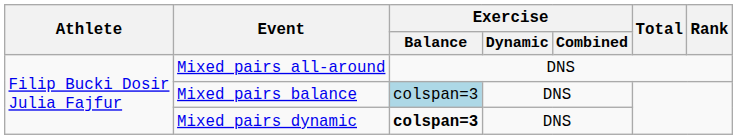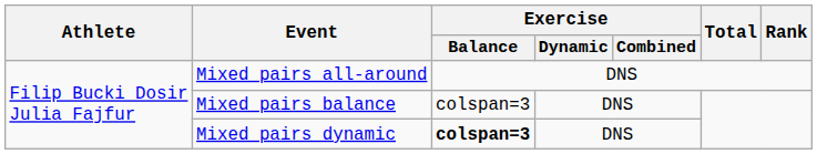 <table class="wikitable" style="font-size:90%">
 <tr>
 <th rowspan=2>Athlete</th>
 <th rowspan=2>Event</th>
 <th colspan=3>Exercise</th>
 <th rowspan=2>Total</th>
 <th rowspan=2>Rank</th>
 </tr>
 <tr style="font-size:95%">
 <th>Balance</th>
 <th>Dynamic</th>
 <th>Combined</th>
 </tr>
 <tr align=center>
 <td rowspan=3 align=left><a href='#'>Filip Bucki Dosir</a><br><a href='#'>Julia Fajfur</a></td>
 <td align=left><a href='#'>Mixed pairs all-around</a></td>
 <td colspan=5>DNS</td>
 </tr>
 <tr align=center>
 <td align=left><a href='#'>Mixed pairs balance</a></td>
-<td style="background: lightblue;">colspan=3 </td>
+<td>colspan=3 </td>
 <td colspan=2>DNS</td>
 </tr>
 <tr align=center>
 <td align=left><a href='#'>Mixed pairs dynamic</a></td>
 <td><strong>colspan=3 </strong></td>
 <td colspan=2>DNS</td>
 </tr>
 </table>
